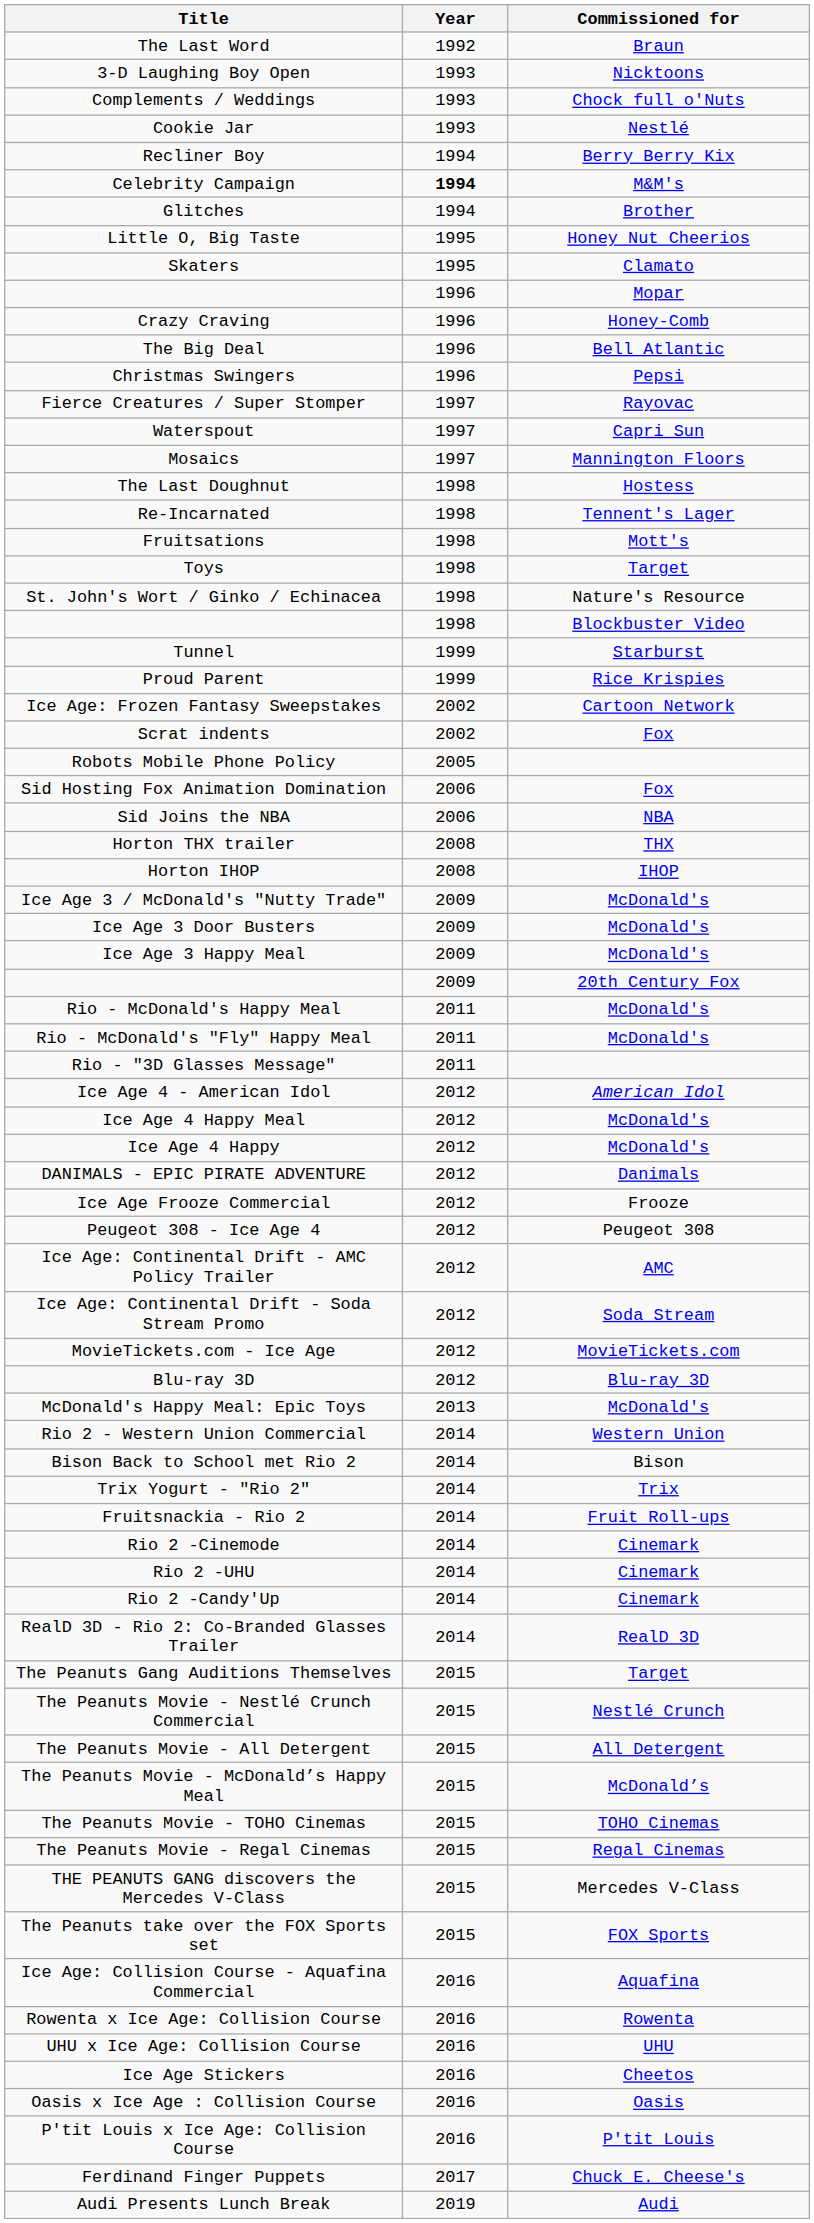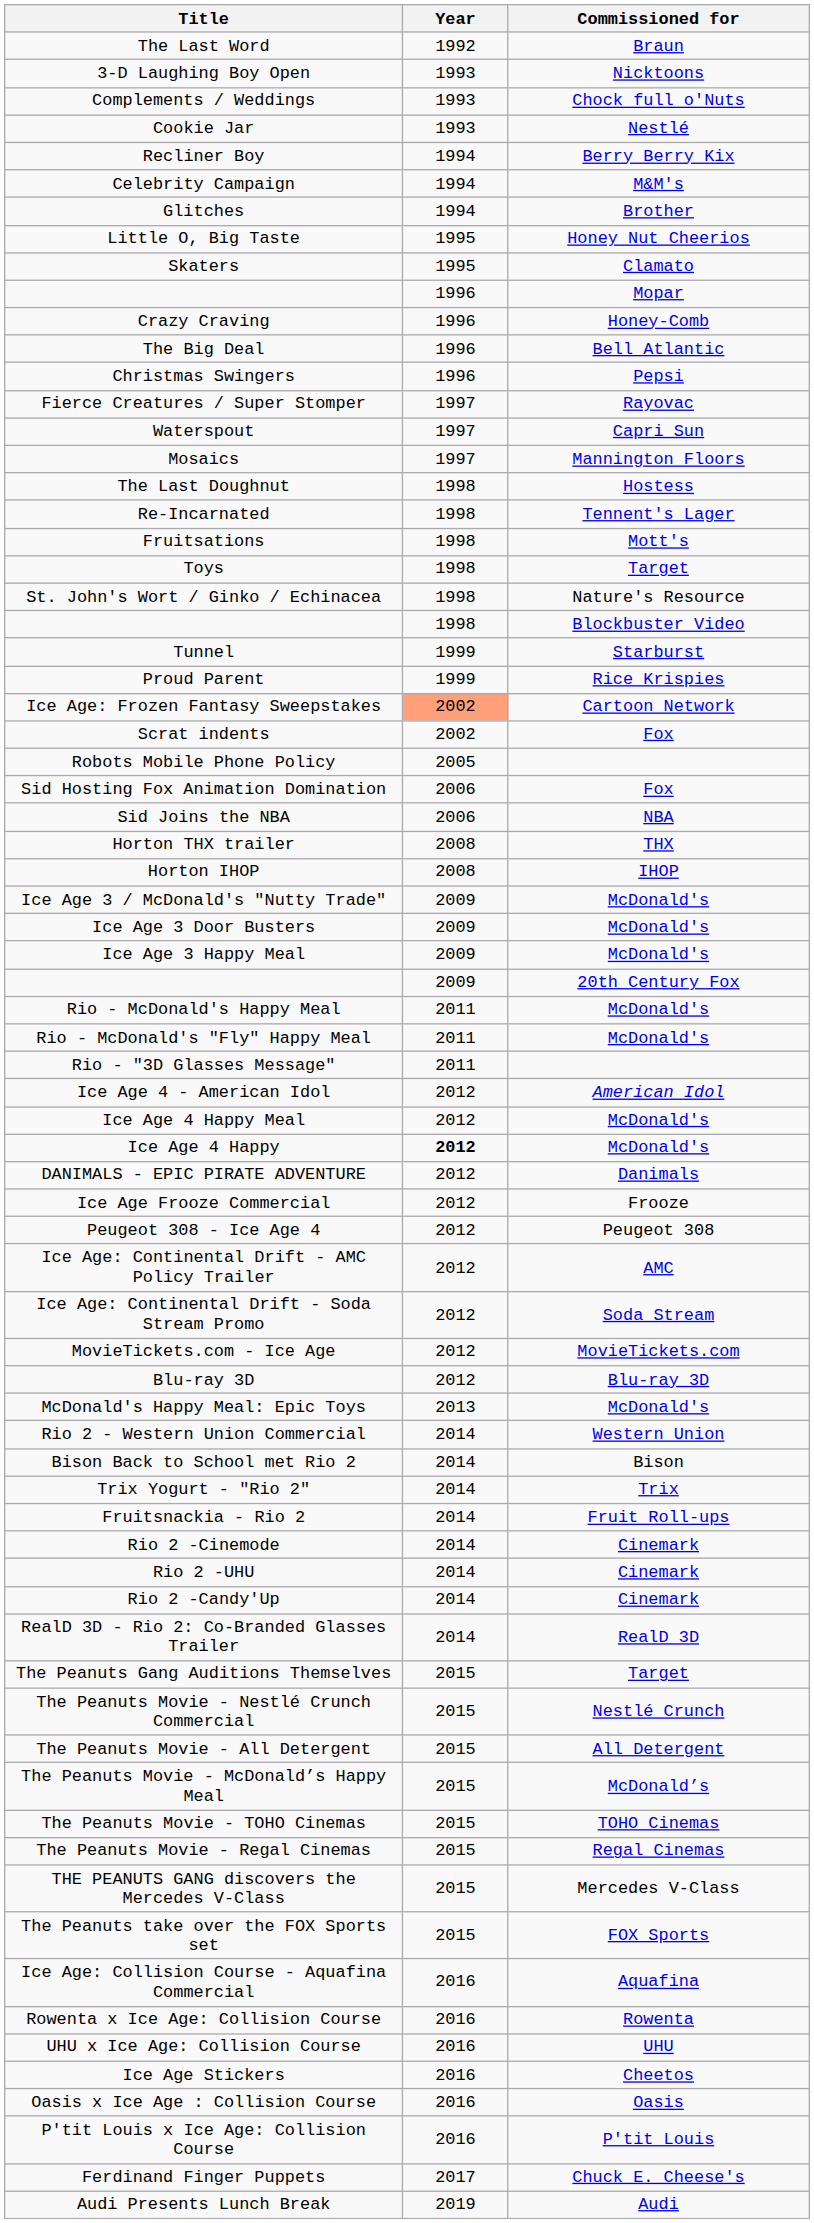 <table class="wikitable sortable" style="max-width: 1000px; text-align: center;">
 <tr>
 <th width="300">Title</th>
 <th width="75">Year</th>
 <th width="225">Commissioned for</th>
 </tr>
 <tr>
 <td>The Last Word</td>
 <td>1992</td>
 <td><a href='#'>Braun</a></td>
 </tr>
 <tr>
 <td>3-D Laughing Boy Open</td>
 <td>1993</td>
 <td><a href='#'>Nicktoons</a></td>
 </tr>
 <tr>
 <td>Complements / Weddings</td>
 <td>1993</td>
 <td><a href='#'>Chock full o'Nuts</a></td>
 </tr>
 <tr>
 <td>Cookie Jar</td>
 <td>1993</td>
 <td><a href='#'>Nestlé</a></td>
 </tr>
 <tr>
 <td>Recliner Boy</td>
 <td>1994</td>
 <td><a href='#'>Berry Berry Kix</a></td>
 </tr>
 <tr>
 <td>Celebrity Campaign</td>
-<td><strong>1994</strong></td>
+<td>1994</td>
 <td><a href='#'>M&M's</a></td>
 </tr>
 <tr>
 <td>Glitches</td>
 <td>1994</td>
 <td><a href='#'>Brother</a></td>
 </tr>
 <tr>
 <td>Little O, Big Taste</td>
 <td>1995</td>
 <td><a href='#'>Honey Nut Cheerios</a></td>
 </tr>
 <tr>
 <td>Skaters</td>
 <td>1995</td>
 <td><a href='#'>Clamato</a></td>
 </tr>
 <tr>
 <td></td>
 <td>1996</td>
 <td><a href='#'>Mopar</a></td>
 </tr>
 <tr>
 <td>Crazy Craving</td>
 <td>1996</td>
 <td><a href='#'>Honey-Comb</a></td>
 </tr>
 <tr>
 <td>The Big Deal</td>
 <td>1996</td>
 <td><a href='#'>Bell Atlantic</a></td>
 </tr>
 <tr>
 <td>Christmas Swingers</td>
 <td>1996</td>
 <td><a href='#'>Pepsi</a></td>
 </tr>
 <tr>
 <td>Fierce Creatures / Super Stomper</td>
 <td>1997</td>
 <td><a href='#'>Rayovac</a></td>
 </tr>
 <tr>
 <td>Waterspout</td>
 <td>1997</td>
 <td><a href='#'>Capri Sun</a></td>
 </tr>
 <tr>
 <td>Mosaics</td>
 <td>1997</td>
 <td><a href='#'>Mannington Floors</a></td>
 </tr>
 <tr>
 <td>The Last Doughnut</td>
 <td>1998</td>
 <td><a href='#'>Hostess</a></td>
 </tr>
 <tr>
 <td>Re-Incarnated</td>
 <td>1998</td>
 <td><a href='#'>Tennent's Lager</a></td>
 </tr>
 <tr>
 <td>Fruitsations</td>
 <td>1998</td>
 <td><a href='#'>Mott's</a></td>
 </tr>
 <tr>
 <td>Toys</td>
 <td "Big Adventure / Dog & Robota">1998</td>
 <td><a href='#'>Target</a></td>
 </tr>
 <tr>
 <td>St. John's Wort / Ginko / Echinacea</td>
 <td>1998</td>
 <td>Nature's Resource</td>
 </tr>
 <tr>
 <td></td>
 <td>1998</td>
 <td><a href='#'>Blockbuster Video</a></td>
 </tr>
 <tr>
 <td>Tunnel</td>
 <td>1999</td>
 <td><a href='#'>Starburst</a></td>
 </tr>
 <tr>
 <td>Proud Parent</td>
 <td>1999</td>
 <td><a href='#'>Rice Krispies</a></td>
 </tr>
 <tr>
 <td>Ice Age: Frozen Fantasy Sweepstakes</td>
-<td>2002</td>
+<td style="background: lightsalmon;">2002</td>
 <td><a href='#'>Cartoon Network</a></td>
 </tr>
 <tr>
 <td>Scrat indents</td>
 <td>2002</td>
 <td><a href='#'>Fox</a></td>
 </tr>
 <tr>
 <td>Robots Mobile Phone Policy</td>
 <td>2005</td>
 <td></td>
 </tr>
 <tr>
 <td>Sid Hosting Fox Animation Domination</td>
 <td>2006</td>
 <td><a href='#'>Fox</a></td>
 </tr>
 <tr>
 <td>Sid Joins the NBA</td>
 <td>2006</td>
 <td><a href='#'>NBA</a></td>
 </tr>
 <tr>
 <td>Horton THX trailer</td>
 <td>2008</td>
 <td><a href='#'>THX</a></td>
 </tr>
 <tr>
 <td>Horton IHOP</td>
 <td>2008</td>
 <td><a href='#'>IHOP</a></td>
 </tr>
 <tr>
 <td>Ice Age 3 / McDonald's "Nutty Trade"</td>
 <td>2009</td>
 <td><a href='#'>McDonald's</a></td>
 </tr>
 <tr>
 <td>Ice Age 3 Door Busters</td>
 <td>2009</td>
 <td><a href='#'>McDonald's</a></td>
 </tr>
 <tr>
 <td>Ice Age 3 Happy Meal</td>
 <td>2009</td>
 <td><a href='#'>McDonald's</a></td>
 </tr>
 <tr>
 <td></td>
 <td>2009</td>
 <td><a href='#'>20th Century Fox</a></td>
 </tr>
 <tr>
 <td>Rio - McDonald's Happy Meal</td>
 <td>2011</td>
 <td><a href='#'>McDonald's</a></td>
 </tr>
 <tr>
 <td>Rio - McDonald's "Fly" Happy Meal</td>
 <td>2011</td>
 <td><a href='#'>McDonald's</a></td>
 </tr>
 <tr>
 <td>Rio - "3D Glasses Message"</td>
 <td>2011</td>
 <td></td>
 </tr>
 <tr>
 <td>Ice Age 4 - American Idol</td>
 <td>2012</td>
 <td><em><a href='#'>American Idol</a></em></td>
 </tr>
 <tr>
 <td>Ice Age 4 Happy Meal</td>
 <td>2012</td>
 <td><a href='#'>McDonald's</a></td>
 </tr>
 <tr>
 <td>Ice Age 4 Happy</td>
-<td>2012</td>
+<td><strong>2012</strong></td>
 <td><a href='#'>McDonald's</a></td>
 </tr>
 <tr>
 <td>DANIMALS - EPIC PIRATE ADVENTURE</td>
 <td>2012</td>
 <td><a href='#'>Danimals</a></td>
 </tr>
 <tr>
 <td>Ice Age Frooze Commercial</td>
 <td>2012</td>
 <td>Frooze</td>
 </tr>
 <tr>
 <td>Peugeot 308 - Ice Age 4</td>
 <td>2012</td>
 <td>Peugeot 308</td>
 </tr>
 <tr>
 <td>Ice Age: Continental Drift - AMC Policy Trailer</td>
 <td>2012</td>
 <td><a href='#'>AMC</a></td>
 </tr>
 <tr>
 <td>Ice Age: Continental Drift - Soda Stream Promo</td>
 <td>2012</td>
 <td><a href='#'>Soda Stream</a></td>
 </tr>
 <tr>
 <td>MovieTickets.com - Ice Age</td>
 <td>2012</td>
 <td><a href='#'>MovieTickets.com</a></td>
 </tr>
 <tr>
 <td>Blu-ray 3D</td>
 <td>2012</td>
 <td><a href='#'>Blu-ray 3D</a></td>
 </tr>
 <tr>
 <td>McDonald's Happy Meal: Epic Toys</td>
 <td>2013</td>
 <td><a href='#'>McDonald's</a></td>
 </tr>
 <tr>
 <td>Rio 2 - Western Union Commercial</td>
 <td>2014</td>
 <td><a href='#'>Western Union</a></td>
 </tr>
 <tr>
 <td>Bison Back to School met Rio 2</td>
 <td>2014</td>
 <td>Bison</td>
 </tr>
 <tr>
 <td>Trix Yogurt - "Rio 2"</td>
 <td>2014</td>
 <td><a href='#'>Trix</a></td>
 </tr>
 <tr>
 <td>Fruitsnackia - Rio 2</td>
 <td>2014</td>
 <td><a href='#'>Fruit Roll-ups</a></td>
 </tr>
 <tr>
 <td>Rio 2 -Cinemode</td>
 <td>2014</td>
 <td><a href='#'>Cinemark</a></td>
 </tr>
 <tr>
 <td>Rio 2 -UHU</td>
 <td>2014</td>
 <td><a href='#'>Cinemark</a></td>
 </tr>
 <tr>
 <td>Rio 2 -Candy'Up</td>
 <td>2014</td>
 <td><a href='#'>Cinemark</a></td>
 </tr>
 <tr>
 <td>RealD 3D - Rio 2: Co-Branded Glasses Trailer</td>
 <td>2014</td>
 <td><a href='#'>RealD 3D</a></td>
 </tr>
 <tr>
 <td The Peanuts Movie>The Peanuts Gang Auditions Themselves</td>
 <td>2015</td>
 <td><a href='#'>Target</a></td>
 </tr>
 <tr>
 <td>The Peanuts Movie - Nestlé Crunch Commercial</td>
 <td>2015</td>
 <td><a href='#'>Nestlé Crunch</a></td>
 </tr>
 <tr>
 <td>The Peanuts Movie - All Detergent</td>
 <td>2015</td>
 <td><a href='#'>All Detergent</a></td>
 </tr>
 <tr>
 <td>The Peanuts Movie - McDonald’s Happy Meal</td>
 <td>2015</td>
 <td><a href='#'>McDonald’s</a></td>
 </tr>
 <tr>
 <td>The Peanuts Movie - TOHO Cinemas</td>
 <td>2015</td>
 <td><a href='#'>TOHO Cinemas</a></td>
 </tr>
 <tr>
 <td>The Peanuts Movie - Regal Cinemas</td>
 <td>2015</td>
 <td><a href='#'>Regal Cinemas</a></td>
 </tr>
 <tr>
 <td>THE PEANUTS GANG discovers the Mercedes V-Class</td>
 <td>2015</td>
 <td>Mercedes V-Class</td>
 </tr>
 <tr>
 <td>The Peanuts take over the FOX Sports set</td>
 <td>2015</td>
 <td><a href='#'>FOX Sports</a></td>
 </tr>
 <tr>
 <td>Ice Age: Collision Course - Aquafina Commercial</td>
 <td>2016</td>
 <td><a href='#'>Aquafina</a></td>
 </tr>
 <tr>
 <td>Rowenta x Ice Age: Collision Course</td>
 <td>2016</td>
 <td><a href='#'>Rowenta</a></td>
 </tr>
 <tr>
 <td>UHU x Ice Age: Collision Course</td>
 <td>2016</td>
 <td><a href='#'>UHU</a></td>
 </tr>
 <tr>
 <td>Ice Age Stickers</td>
 <td>2016</td>
 <td><a href='#'>Cheetos</a></td>
 </tr>
 <tr>
 <td>Oasis x Ice Age : Collision Course</td>
 <td>2016</td>
 <td><a href='#'>Oasis</a></td>
 </tr>
 <tr>
 <td>P'tit Louis x Ice Age: Collision Course</td>
 <td>2016</td>
 <td><a href='#'>P'tit Louis</a></td>
 </tr>
 <tr>
 <td>Ferdinand Finger Puppets</td>
 <td>2017</td>
 <td><a href='#'>Chuck E. Cheese's</a></td>
 </tr>
 <tr>
 <td>Audi Presents Lunch Break</td>
 <td>2019</td>
 <td><a href='#'>Audi</a></td>
 </tr>
 </table>
